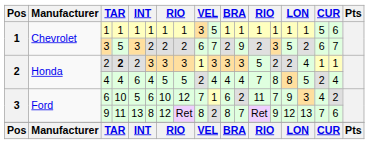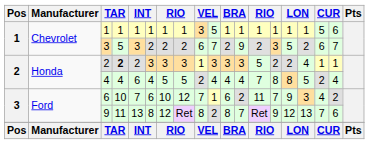 <table align="left"| class="wikitable" style="font-size: 85%; text-align: center">
 <tr valign="top">
 <th valign="middle">Pos</th>
 <th valign="middle">Manufacturer</th>
 <th colspan=2><a href='#'>TAR</a></th>
 <th colspan=2><a href='#'>INT</a></th>
 <th colspan=2><a href='#'>RIO</a></th>
 <th colspan=2><a href='#'>VEL</a></th>
 <th colspan=2><a href='#'>BRA</a></th>
 <th colspan=2><a href='#'>RIO</a></th>
 <th colspan=2><a href='#'>LON</a></th>
 <th colspan=2><a href='#'>CUR</a></th>
 <th valign="middle">Pts</th>
 </tr>
 <tr>
 <th rowspan=2>1</th>
 <td align="left" rowspan=2><a href='#'>Chevrolet</a></td>
 <td style="background:#FFFFBF;">1</td>
 <td style="background:#FFFFBF;">1</td>
 <td style="background:#FFFFBF;">1</td>
 <td style="background:#FFFFBF;">1</td>
 <td style="background:#FFFFBF;">1</td>
 <td style="background:#FFFFBF;">1</td>
 <td style="background:#FFDF9F;">3</td>
 <td style="background:#DFFFDF;">5</td>
 <td style="background:#FFFFBF;">1</td>
 <td style="background:#FFFFBF;">1</td>
 <td style="background:#FFFFBF;">1</td>
 <td style="background:#FFFFBF;">1</td>
 <td style="background:#FFFFBF;">1</td>
 <td style="background:#FFFFBF;">1</td>
 <td style="background:#DFFFDF;">5</td>
 <td style="background:#DFFFDF;">6</td>
 <th rowspan=2></th>
 </tr>
 <tr>
 <td style="background:#FFDF9F;">3</td>
 <td style="background:#DFFFDF;">5</td>
 <td style="background:#FFDF9F;">3</td>
 <td style="background:#DFDFDF;">2</td>
 <td style="background:#DFDFDF;">2</td>
 <td style="background:#DFDFDF;">2</td>
 <td style="background:#DFFFDF;">6</td>
 <td style="background:#DFFFDF;">7</td>
 <td style="background:#DFDFDF;">2</td>
 <td style="background:#DFFFDF;">9</td>
 <td style="background:#DFDFDF;">2</td>
 <td style="background:#FFDF9F;">3</td>
 <td style="background:#DFFFDF;">5</td>
 <td style="background:#DFDFDF;">2</td>
 <td style="background:#DFFFDF;">6</td>
 <td style="background:#DFFFDF;">7</td>
 </tr>
 <tr>
 <th rowspan=2>2</th>
 <td align="left" rowspan=2><a href='#'>Honda</a></td>
 <td style="background:#DFDFDF;">2</td>
 <td style="background:#DFDFDF;"><strong>2</strong></td>
 <td style="background:#DFDFDF;">2</td>
 <td style="background:#FFDF9F;">3</td>
 <td style="background:#FFDF9F;">3</td>
 <td style="background:#FFDF9F;">3</td>
 <td style="background:#FFFFBF;">1</td>
 <td style="background:#FFDF9F;">3</td>
 <td style="background:#FFDF9F;">3</td>
 <td style="background:#FFDF9F;">3</td>
 <td style="background:#DFFFDF;">5</td>
 <td style="background:#DFDFDF;">2</td>
 <td style="background:#DFDFDF;">2</td>
 <td style="background:#DFFFDF;">4</td>
 <td style="background:#FFFFBF;">1</td>
 <td style="background:#FFFFBF;">1</td>
 <th rowspan=2></th>
 </tr>
 <tr>
 <td style="background:#DFFFDF;">4</td>
 <td style="background:#DFFFDF;">4</td>
 <td style="background:#DFFFDF;">6</td>
 <td style="background:#DFFFDF;">4</td>
 <td style="background:#DFFFDF;">5</td>
 <td style="background:#DFFFDF;">5</td>
 <td style="background:#DFDFDF;">2</td>
 <td style="background:#DFFFDF;">4</td>
 <td style="background:#DFFFDF;">4</td>
 <td style="background:#DFFFDF;">4</td>
 <td style="background:#DFFFDF;">7</td>
 <td style="background:#DFFFDF;">8</td>
 <td style="background:#FFDF9F;">8</td>
 <td style="background:#DFFFDF;">5</td>
 <td style="background:#DFDFDF;">2</td>
 <td style="background:#DFFFDF;">4</td>
 </tr>
 <tr>
 <th rowspan=2>3</th>
 <td align="left" rowspan=2><a href='#'>Ford</a></td>
 <td style="background:#DFFFDF;">6</td>
 <td style="background:#DFFFDF;">10</td>
-<td style="background:#DFFFDF;">5</td>
+<td style="background:#DFFFDF;">7</td>
 <td style="background:#DFFFDF;">6</td>
 <td style="background:#DFFFDF;">10</td>
 <td style="background:#DFFFDF;">12</td>
 <td style="background:#DFFFDF;">7</td>
 <td style="background:#FFFFBF;">1</td>
 <td style="background:#DFFFDF;">6</td>
 <td style="background:#DFDFDF;">2</td>
 <td style="background:#DFFFDF;">11</td>
 <td style="background:#DFFFDF;">7</td>
 <td style="background:#DFFFDF;">9</td>
 <td style="background:#FFDF9F;">3</td>
 <td style="background:#DFFFDF;">4</td>
 <td style="background:#DFDFDF;">2</td>
 <th rowspan=2></th>
 </tr>
 <tr>
 <td style="background:#DFFFDF;">9</td>
 <td style="background:#DFFFDF;">11</td>
 <td style="background:#DFFFDF;">13</td>
 <td style="background:#DFFFDF;">8</td>
 <td style="background:#DFFFDF;">12</td>
 <td style="background:#efcfff;">Ret</td>
 <td style="background:#DFFFDF;">8</td>
 <td style="background:#DFDFDF;">2</td>
 <td style="background:#DFFFDF;">8</td>
 <td style="background:#DFFFDF;">7</td>
 <td style="background:#efcfff;">Ret</td>
 <td style="background:#DFFFDF;">9</td>
 <td style="background:#DFFFDF;">12</td>
 <td style="background:#DFFFDF;">13</td>
 <td style="background:#DFFFDF;">7</td>
 <td style="background:#DFFFDF;">6</td>
 </tr>
 <tr>
 </tr>
 <tr valign="top">
 <th valign="middle">Pos</th>
 <th valign="middle">Manufacturer</th>
 <th colspan=2><a href='#'>TAR</a></th>
 <th colspan=2><a href='#'>INT</a></th>
 <th colspan=2><a href='#'>RIO</a></th>
 <th colspan=2><a href='#'>VEL</a></th>
 <th colspan=2><a href='#'>BRA</a></th>
 <th colspan=2><a href='#'>RIO</a></th>
 <th colspan=2><a href='#'>LON</a></th>
 <th colspan=2><a href='#'>CUR</a></th>
 <th valign="middle">Pts</th>
 </tr>
 </table>
